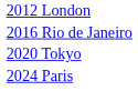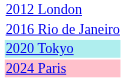 <table>
 <tr valign="top">
 <td><a href='#'>2012 London</a><br></td>
 <td></td>
 <td></td>
 <td><br></td>
 </tr>
 <tr valign="top">
 <td><a href='#'>2016 Rio de Janeiro</a><br></td>
 <td></td>
 <td></td>
 <td><br></td>
 </tr>
 <tr valign="top">
-<td><a href='#'>2020 Tokyo</a><br></td>
+<td style="background: paleturquoise;"><a href='#'>2020 Tokyo</a><br></td>
 <td></td>
 <td></td>
 <td><br></td>
 </tr>
 <tr valign="top">
-<td><a href='#'>2024 Paris</a><br></td>
+<td style="background: pink;"><a href='#'>2024 Paris</a><br></td>
 <td></td>
 <td></td>
 <td><br></td>
 </tr>
 </table>
